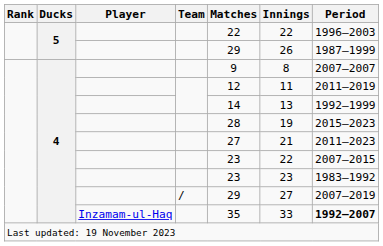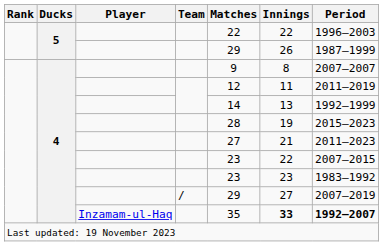 <table class="wikitable plainrowheaders sortable">
 <tr>
 <th scope=col>Rank</th>
 <th scope=col>Ducks</th>
 <th scope=col>Player</th>
 <th scope=col>Team</th>
 <th scope=col>Matches</th>
 <th scope=col>Innings</th>
 <th scope=col>Period</th>
 </tr>
 <tr>
 <td align=center rowspan=2></td>
 <th scope=row style=text-align:center; rowspan=2>5</th>
 <td></td>
 <td></td>
 <td align=center>22</td>
 <td align=center>22</td>
 <td>1996–2003</td>
 </tr>
 <tr>
 <td></td>
 <td></td>
 <td align=center>29</td>
 <td align=center>26</td>
 <td>1987–1999</td>
 </tr>
 <tr>
 <td align=center rowspan=9></td>
 <th scope=row style=text-align:center; rowspan=9>4</th>
 <td></td>
 <td></td>
 <td align=center>9</td>
 <td align=center>8</td>
 <td>2007–2007</td>
 </tr>
 <tr>
 <td></td>
 <td rowspan=2></td>
 <td align=center>12</td>
 <td align=center>11</td>
 <td>2011–2019</td>
 </tr>
 <tr>
 <td></td>
 <td align=center>14</td>
 <td align=center>13</td>
 <td>1992–1999</td>
 </tr>
 <tr>
 <td></td>
 <td></td>
 <td align=center>28</td>
 <td align=center>19</td>
 <td>2015–2023</td>
 </tr>
 <tr>
 <td></td>
 <td></td>
 <td align=center>27</td>
 <td align=center>21</td>
 <td>2011–2023</td>
 </tr>
 <tr>
 <td></td>
 <td></td>
 <td align=center>23</td>
 <td align=center>22</td>
 <td>2007–2015</td>
 </tr>
 <tr>
 <td></td>
 <td></td>
 <td align=center>23</td>
 <td align=center>23</td>
 <td>1983–1992</td>
 </tr>
 <tr>
 <td></td>
 <td> / </td>
 <td align=center>29</td>
 <td align=center>27</td>
 <td>2007–2019</td>
 </tr>
 <tr>
 <td><a href='#'>Inzamam-ul-Haq</a></td>
 <td></td>
 <td align=center>35</td>
-<td align=center>33</td>
+<td align=center><strong>33</strong></td>
 <td><strong>1992–2007</strong></td>
 </tr>
 <tr class=sortbottom>
 <td colspan=7><small>Last updated: 19 November 2023</small></td>
 </tr>
 </table>
